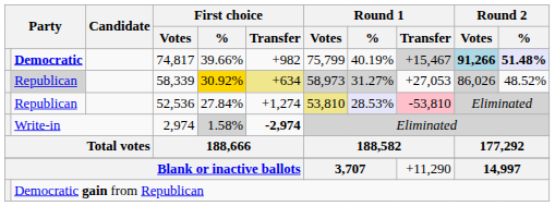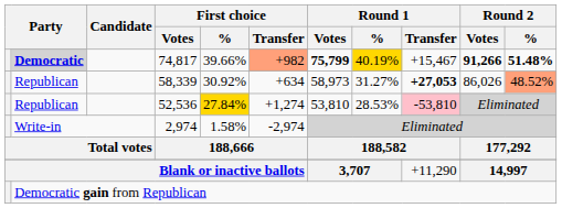 <table class="wikitable sortable" style="text-align:right">
 <tr>
 <th colspan=2 rowspan=2>Party</th>
 <th rowspan=2>Candidate</th>
 <th colspan=3>First choice</th>
 <th colspan=3>Round 1</th>
 <th colspan=3>Round 2</th>
 </tr>
 <tr>
 <th>Votes</th>
 <th>%</th>
 <th>Transfer</th>
 <th>Votes</th>
 <th>%</th>
 <th>Transfer</th>
 <th>Votes</th>
 <th>%</th>
 </tr>
 <tr>
 <th style="background-color:"></th>
-<td style="text-align:left"><strong><a href='#'>Democratic</a></strong></td>
+<td style="background: lightgrey; text-align:left"><strong><a href='#'>Democratic</a></strong></td>
 <td style="text-align:left" scope="row"><strong></strong></td>
 <td>74,817</td>
 <td>39.66%</td>
-<td>+982</td>
-<td>75,799</td>
-<td>40.19%</td>
-<td style="background: lightgrey;">+15,467</td>
-<td style="background: lightblue;"><strong>91,266</strong></td>
-<td style="background: lavender;"><strong>51.48%</strong></td>
+<td style="background: lightsalmon;">+982</td>
+<td><strong>75,799</strong></td>
+<td style="background: gold;">40.19%</td>
+<td>+15,467</td>
+<td><strong>91,266</strong></td>
+<td><strong>51.48%</strong></td>
 </tr>
 <tr>
 <th style="background-color:"></th>
-<td style="background: lightgrey; text-align:left"><a href='#'>Republican</a></td>
+<td style="text-align:left"><a href='#'>Republican</a></td>
 <td style="text-align:left" scope="row"></td>
 <td>58,339</td>
-<td style="background: gold;">30.92%</td>
-<td style="background: khaki;">+634</td>
-<td style="background: lightgrey;">58,973</td>
-<td style="background: lightgrey;">31.27%</td>
-<td>+27,053</td>
-<td style="background: lightgrey;">86,026</td>
-<td>48.52%</td>
+<td>30.92%</td>
+<td>+634</td>
+<td>58,973</td>
+<td>31.27%</td>
+<td><strong>+27,053</strong></td>
+<td>86,026</td>
+<td style="background: lightsalmon;">48.52%</td>
 </tr>
 <tr>
 <th style="background-color:"></th>
 <td style="text-align:left"><a href='#'>Republican</a></td>
 <td style="text-align:left" scope="row"></td>
 <td>52,536</td>
-<td>27.84%</td>
+<td style="background: gold;">27.84%</td>
 <td>+1,274</td>
-<td style="background: khaki;">53,810</td>
-<td style="background: lavender;">28.53%</td>
+<td>53,810</td>
+<td>28.53%</td>
 <td style="background: pink;">-53,810</td>
 <td colspan="2"  style="background:lightgrey; text-align:center;"><em>Eliminated</em></td>
 </tr>
 <tr>
 <th style="background-color:"></th>
 <td style="text-align:left" colspan=2><a href='#'>Write-in</a></td>
 <td>2,974</td>
-<td style="background: lightgrey;">1.58%</td>
-<td><strong>-2,974</strong></td>
+<td>1.58%</td>
+<td>-2,974</td>
 <td colspan="5"  style="background:lightgrey; text-align:center;"><em>Eliminated</em></td>
 </tr>
 <tr class="sortbottom" style="background-color:#F6F6F6">
 <th colspan=3 scope="row" style="text-align:right;"><strong>Total votes</strong></th>
 <th colspan=3><strong>188,666</strong></th>
 <th colspan=3><strong>188,582</strong></th>
 <th colspan=3><strong>177,292</strong></th>
 </tr>
 <tr class="sortbottom">
 </tr>
 <tr class="sortbottom" style="background-color:#F6F6F6">
 <th colspan=6 scope="row" style="text-align:right;"><a href='#'>Blank or inactive ballots</a></th>
 <th colspan=2>3,707</th>
 <td>+11,290</td>
 <th colspan=2>14,997</th>
 </tr>
 <tr>
 <th style="background-color:"></th>
 <td style="text-align:left" colspan=10><a href='#'>Democratic</a> <strong>gain</strong> from <a href='#'>Republican</a></td>
 </tr>
 </table>
